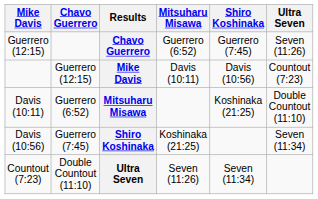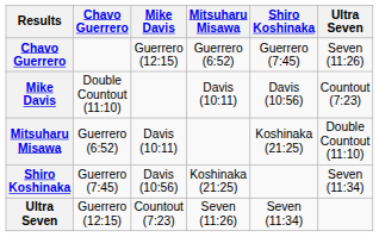 <table class="wikitable" style="margin: 1em auto 1em auto;text-align:center">
 <tr>
+<th>Results</th>
+<th><a href='#'>Chavo<br>Guerrero</a></th>
 <th><a href='#'>Mike<br>Davis</a></th>
-<th><a href='#'>Chavo<br>Guerrero</a></th>
-<th>Results</th>
 <th><a href='#'>Mitsuharu<br>Misawa</a></th>
 <th><a href='#'>Shiro<br>Koshinaka</a></th>
 <th>Ultra<br>Seven</th>
 </tr>
 <tr>
+<th><a href='#'>Chavo<br>Guerrero</a></th>
+<td></td>
 <td>Guerrero<br>(12:15)</td>
-<td></td>
-<th><a href='#'>Chavo<br>Guerrero</a></th>
 <td>Guerrero<br>(6:52)</td>
 <td>Guerrero<br>(7:45)</td>
 <td>Seven<br>(11:26)</td>
 </tr>
 <tr>
+<th><a href='#'>Mike<br>Davis</a></th>
+<td>Double<br>Countout<br>(11:10)</td>
 <td></td>
-<td>Guerrero<br>(12:15)</td>
-<th><a href='#'>Mike<br>Davis</a></th>
 <td>Davis<br>(10:11)</td>
 <td>Davis<br>(10:56)</td>
 <td>Countout<br>(7:23)</td>
 </tr>
 <tr>
+<th><a href='#'>Mitsuharu<br>Misawa</a></th>
+<td>Guerrero<br>(6:52)</td>
 <td>Davis<br>(10:11)</td>
-<td>Guerrero<br>(6:52)</td>
-<th><a href='#'>Mitsuharu<br>Misawa</a></th>
 <td></td>
 <td>Koshinaka<br>(21:25)</td>
 <td>Double<br>Countout<br>(11:10)</td>
 </tr>
 <tr>
+<th><a href='#'>Shiro<br>Koshinaka</a></th>
+<td>Guerrero<br>(7:45)</td>
 <td>Davis<br>(10:56)</td>
-<td>Guerrero<br>(7:45)</td>
-<th><a href='#'>Shiro<br>Koshinaka</a></th>
 <td>Koshinaka<br>(21:25)</td>
 <td></td>
 <td>Seven<br>(11:34)</td>
 </tr>
 <tr>
+<th>Ultra<br>Seven</th>
+<td>Guerrero<br>(12:15)</td>
 <td>Countout<br>(7:23)</td>
-<td>Double<br>Countout<br>(11:10)</td>
-<th>Ultra<br>Seven</th>
 <td>Seven<br>(11:26)</td>
 <td>Seven<br>(11:34)</td>
 <td></td>
 </tr>
 </table>
